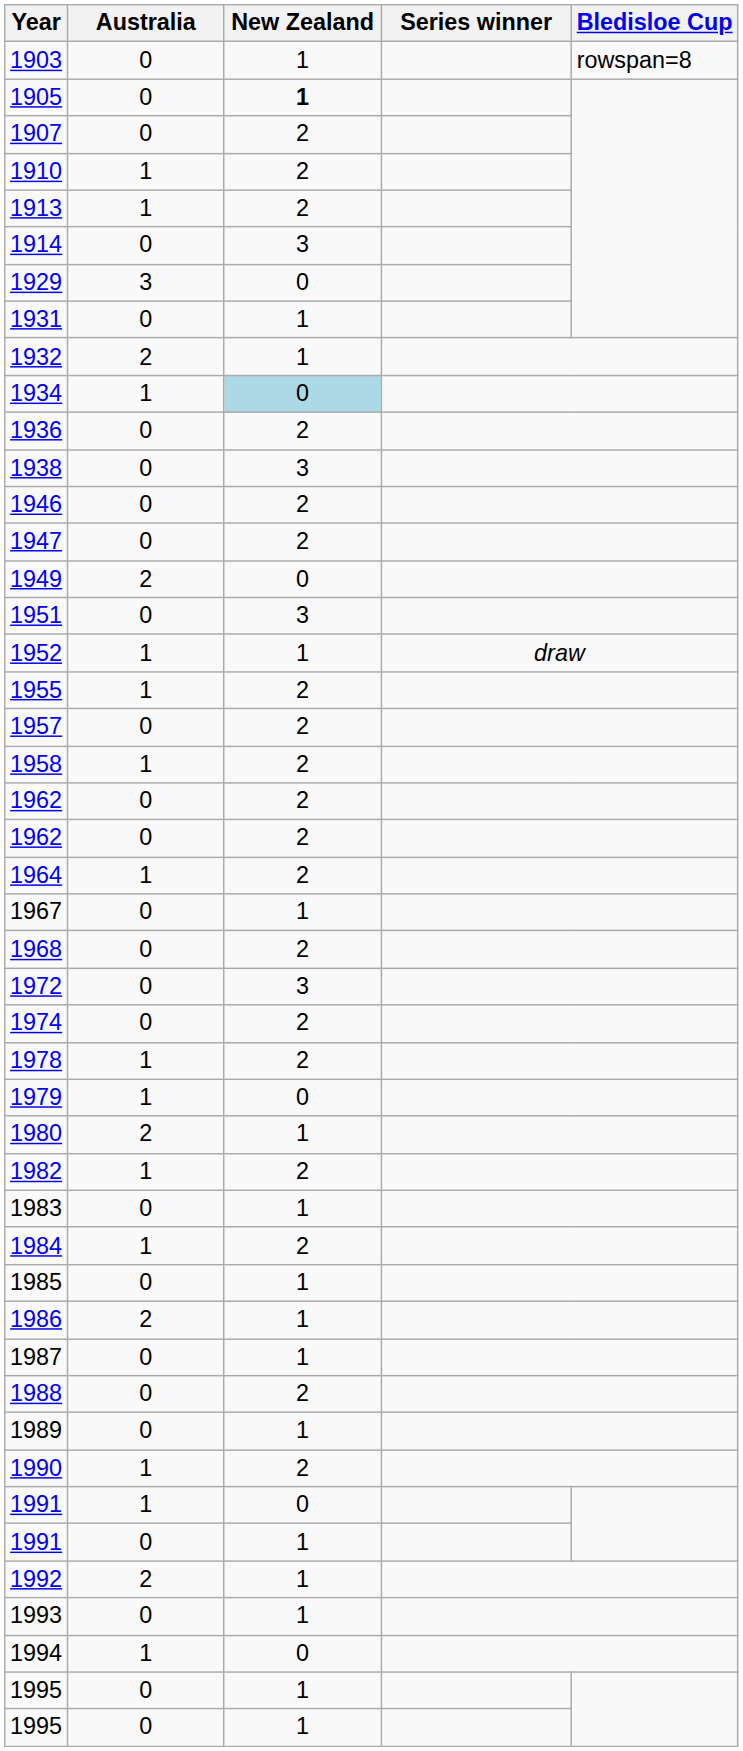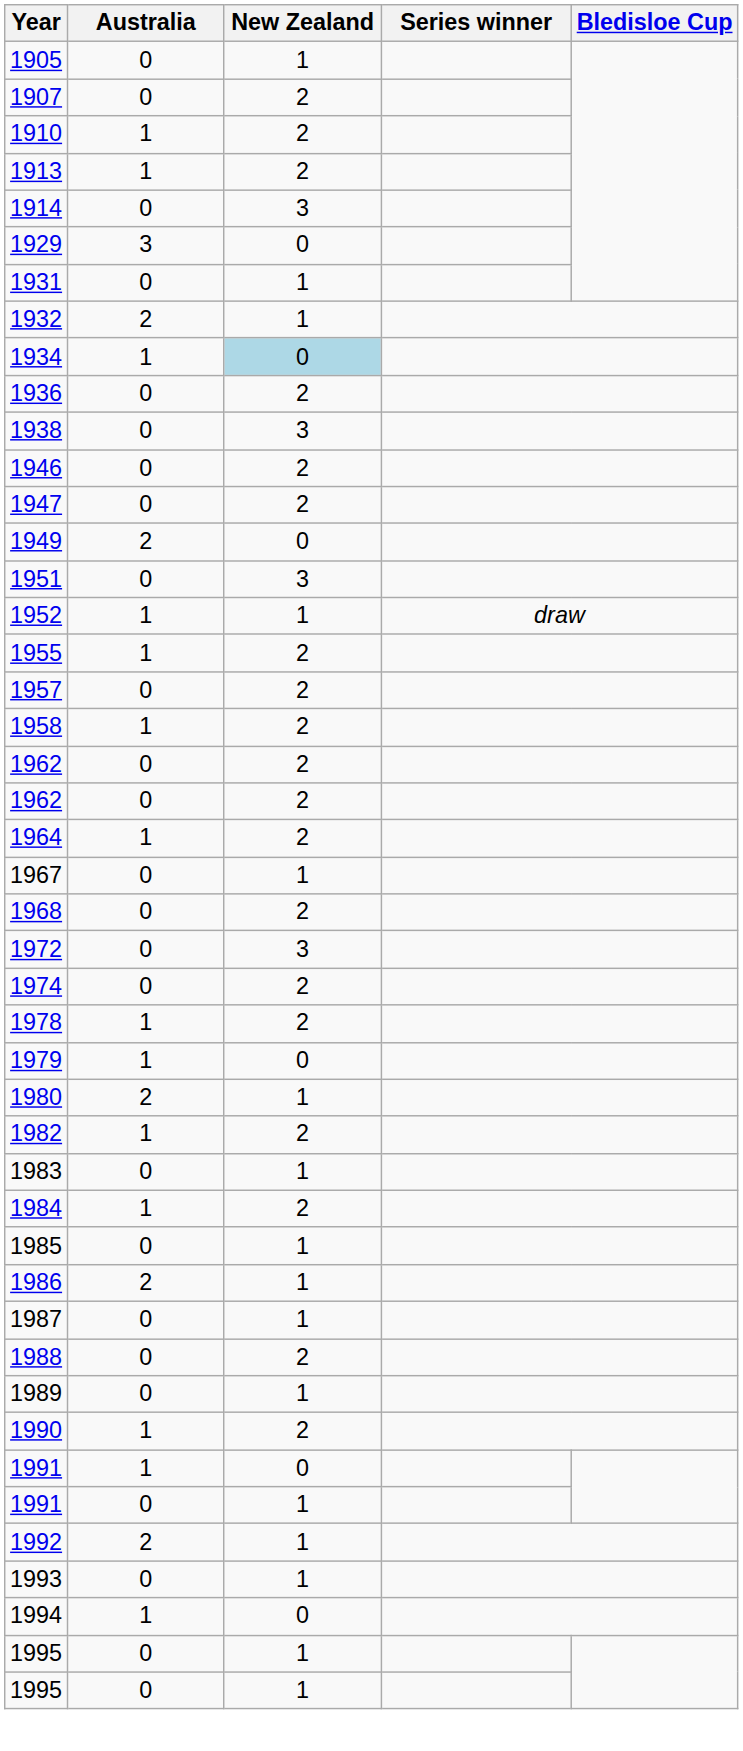 <table class="wikitable">
 <tr>
 <th>Year</th>
 <th width="100">Australia</th>
 <th width="100">New Zealand</th>
 <th width="123">Series winner</th>
 <th><a href='#'>Bledisloe Cup</a></th>
 </tr>
 <tr>
-<td> <a href='#'>1903</a></td>
+<td> <a href='#'>1905</a></td>
 <td align=center>0</td>
 <td align=center>1</td>
-<td></td>
-<td>rowspan=8 </td>
-</tr>
-<tr>
-<td> <a href='#'>1905</a></td>
-<td align=center>0</td>
-<td align=center><strong>1</strong></td>
 <td></td>
 </tr>
 <tr>
 <td> <a href='#'>1907</a></td>
 <td align=center>0</td>
 <td align=center>2</td>
 <td></td>
 </tr>
 <tr>
 <td> <a href='#'>1910</a></td>
 <td align=center>1</td>
 <td align=center>2</td>
 <td></td>
 </tr>
 <tr>
 <td> <a href='#'>1913</a></td>
 <td align=center>1</td>
 <td align=center>2</td>
 <td></td>
 </tr>
 <tr>
 <td> <a href='#'>1914</a></td>
 <td align=center>0</td>
 <td align=center>3</td>
 <td></td>
 </tr>
 <tr>
 <td> <a href='#'>1929</a></td>
 <td align=center>3</td>
 <td align=center>0</td>
 <td></td>
 </tr>
 <tr>
 <td> <a href='#'>1931</a></td>
 <td align=center>0</td>
 <td align=center>1</td>
 <td></td>
 </tr>
 <tr>
 <td> <a href='#'>1932</a></td>
 <td align=center>2</td>
 <td align=center>1</td>
 <td colspan=2></td>
 </tr>
 <tr>
 <td> <a href='#'>1934</a></td>
 <td align=center>1</td>
 <td align=center style="background: lightblue;">0</td>
 <td colspan=2></td>
 </tr>
 <tr>
 <td> <a href='#'>1936</a></td>
 <td align=center>0</td>
 <td align=center>2</td>
 <td colspan=2></td>
 </tr>
 <tr>
 <td> <a href='#'>1938</a></td>
 <td align=center>0</td>
 <td align=center>3</td>
 <td colspan=2></td>
 </tr>
 <tr>
 <td> <a href='#'>1946</a></td>
 <td align=center>0</td>
 <td align=center>2</td>
 <td colspan=2></td>
 </tr>
 <tr>
 <td> <a href='#'>1947</a></td>
 <td align=center>0</td>
 <td align=center>2</td>
 <td colspan=2></td>
 </tr>
 <tr>
 <td> <a href='#'>1949</a></td>
 <td align=center>2</td>
 <td align=center>0</td>
 <td colspan=2></td>
 </tr>
 <tr>
 <td> <a href='#'>1951</a></td>
 <td align=center>0</td>
 <td align=center>3</td>
 <td colspan=2></td>
 </tr>
 <tr>
 <td> <a href='#'>1952</a></td>
 <td align=center>1</td>
 <td align=center>1</td>
 <td align=center colspan=2><em>draw</em></td>
 </tr>
 <tr>
 <td> <a href='#'>1955</a></td>
 <td align=center>1</td>
 <td align=center>2</td>
 <td colspan=2></td>
 </tr>
 <tr>
 <td> <a href='#'>1957</a></td>
 <td align=center>0</td>
 <td align=center>2</td>
 <td colspan=2></td>
 </tr>
 <tr>
 <td> <a href='#'>1958</a></td>
 <td align=center>1</td>
 <td align=center>2</td>
 <td colspan=2></td>
 </tr>
 <tr>
 <td> <a href='#'>1962</a></td>
 <td align=center>0</td>
 <td align=center>2</td>
 <td colspan=2></td>
 </tr>
 <tr>
 <td> <a href='#'>1962</a></td>
 <td align=center>0</td>
 <td align=center>2</td>
 <td colspan=2></td>
 </tr>
 <tr>
 <td> <a href='#'>1964</a></td>
 <td align=center>1</td>
 <td align=center>2</td>
 <td colspan=2></td>
 </tr>
 <tr>
 <td> 1967</td>
 <td align=center>0</td>
 <td align=center>1</td>
 <td colspan=2></td>
 </tr>
 <tr>
 <td> <a href='#'>1968</a></td>
 <td align=center>0</td>
 <td align=center>2</td>
 <td colspan=2></td>
 </tr>
 <tr>
 <td> <a href='#'>1972</a></td>
 <td align=center>0</td>
 <td align=center>3</td>
 <td colspan=2></td>
 </tr>
 <tr>
 <td> <a href='#'>1974</a></td>
 <td align=center>0</td>
 <td align=center>2</td>
 <td colspan=2></td>
 </tr>
 <tr>
 <td> <a href='#'>1978</a></td>
 <td align=center>1</td>
 <td align=center>2</td>
 <td colspan=2></td>
 </tr>
 <tr>
 <td> <a href='#'>1979</a></td>
 <td align=center>1</td>
 <td align=center>0</td>
 <td colspan=2></td>
 </tr>
 <tr>
 <td> <a href='#'>1980</a></td>
 <td align=center>2</td>
 <td align=center>1</td>
 <td colspan=2></td>
 </tr>
 <tr>
 <td> <a href='#'>1982</a></td>
 <td align=center>1</td>
 <td align=center>2</td>
 <td colspan=2></td>
 </tr>
 <tr>
 <td> 1983</td>
 <td align=center>0</td>
 <td align=center>1</td>
 <td colspan=2></td>
 </tr>
 <tr>
 <td> <a href='#'>1984</a></td>
 <td align=center>1</td>
 <td align=center>2</td>
 <td colspan=2></td>
 </tr>
 <tr>
 <td> 1985</td>
 <td align=center>0</td>
 <td align=center>1</td>
 <td colspan=2></td>
 </tr>
 <tr>
 <td> <a href='#'>1986</a></td>
 <td align=center>2</td>
 <td align=center>1</td>
 <td colspan=2></td>
 </tr>
 <tr>
 <td> 1987</td>
 <td align=center>0</td>
 <td align=center>1</td>
 <td colspan=2></td>
 </tr>
 <tr>
 <td> <a href='#'>1988</a></td>
 <td align=center>0</td>
 <td align=center>2</td>
 <td colspan=2></td>
 </tr>
 <tr>
 <td> 1989</td>
 <td align=center>0</td>
 <td align=center>1</td>
 <td colspan=2></td>
 </tr>
 <tr>
 <td> <a href='#'>1990</a></td>
 <td align=center>1</td>
 <td align=center>2</td>
 <td colspan=2></td>
 </tr>
 <tr>
 <td> <a href='#'>1991</a></td>
 <td align=center>1</td>
 <td align=center>0</td>
 <td></td>
 <td rowspan=2></td>
 </tr>
 <tr>
 <td> <a href='#'>1991</a></td>
 <td align=center>0</td>
 <td align=center>1</td>
 <td></td>
 </tr>
 <tr>
 <td> <a href='#'>1992</a></td>
 <td align=center>2</td>
 <td align=center>1</td>
 <td colspan=2></td>
 </tr>
 <tr>
 <td> 1993</td>
 <td align=center>0</td>
 <td align=center>1</td>
 <td colspan=2></td>
 </tr>
 <tr>
 <td> 1994</td>
 <td align=center>1</td>
 <td align=center>0</td>
 <td colspan=2></td>
 </tr>
 <tr>
 <td> 1995</td>
 <td align=center>0</td>
 <td align=center>1</td>
 <td></td>
 <td rowspan=2></td>
 </tr>
 <tr>
 <td> 1995</td>
 <td align=center>0</td>
 <td align=center>1</td>
 <td></td>
 </tr>
 </table>
